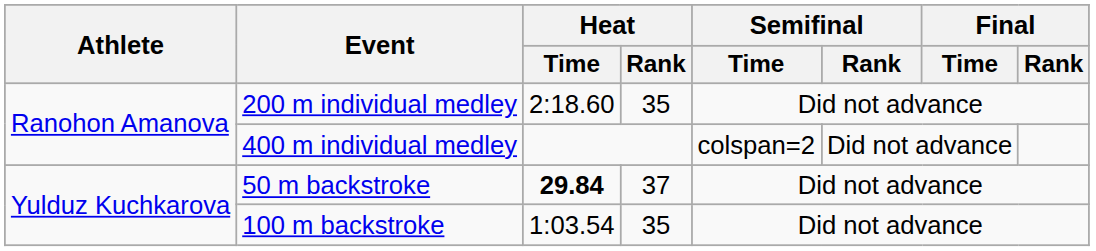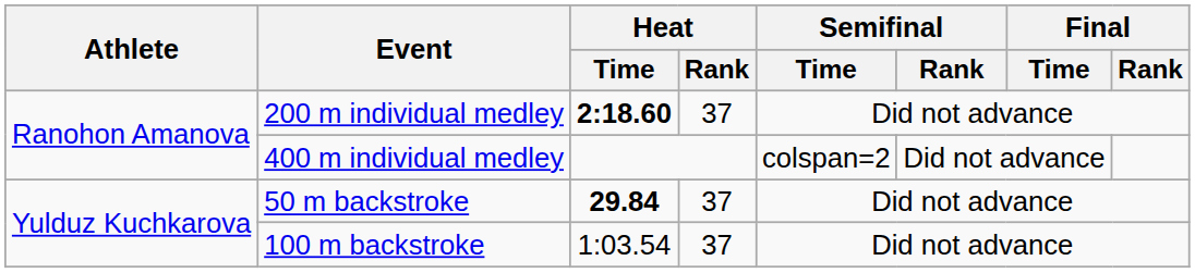 <table class=wikitable style="font-size:90%">
 <tr>
 <th rowspan="2">Athlete</th>
 <th rowspan="2">Event</th>
 <th colspan="2">Heat</th>
 <th colspan="2">Semifinal</th>
 <th colspan="2">Final</th>
 </tr>
 <tr style="font-size:95%">
 <th>Time</th>
 <th>Rank</th>
 <th>Time</th>
 <th>Rank</th>
 <th>Time</th>
 <th>Rank</th>
 </tr>
 <tr align=center>
 <td align=left rowspan=2><a href='#'>Ranohon Amanova</a></td>
 <td align=left><a href='#'>200 m individual medley</a></td>
-<td>2:18.60</td>
-<td>35</td>
+<td><strong>2:18.60</strong></td>
+<td>37</td>
 <td colspan=4>Did not advance</td>
 </tr>
 <tr align=center>
 <td align=left><a href='#'>400 m individual medley</a></td>
 <td colspan=2></td>
 <td>colspan=2 </td>
 <td colspan=2>Did not advance</td>
 </tr>
 <tr align=center>
 <td align=left rowspan=2><a href='#'>Yulduz Kuchkarova</a></td>
 <td align=left><a href='#'>50 m backstroke</a></td>
 <td><strong>29.84</strong></td>
 <td>37</td>
 <td colspan=4>Did not advance</td>
 </tr>
 <tr align=center>
 <td align=left><a href='#'>100 m backstroke</a></td>
 <td>1:03.54</td>
-<td>35</td>
+<td>37</td>
 <td colspan=4>Did not advance</td>
 </tr>
 </table>
